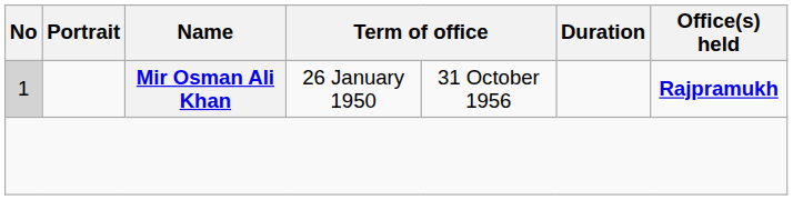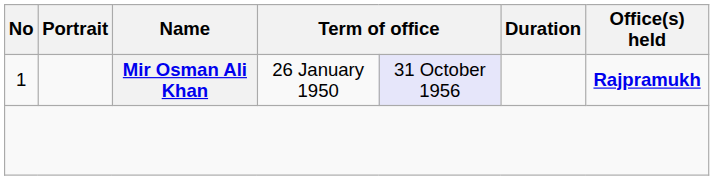 <table class="wikitable">
 <tr>
 <th>No</th>
 <th>Portrait</th>
 <th>Name</th>
 <th colspan=2>Term of office</th>
 <th scope=col>Duration</th>
 <th>Office(s) held</th>
 </tr>
 <tr align=center>
-<td style="background: lightgrey;">1</td>
+<td>1</td>
 <td></td>
 <th><a href='#'>Mir Osman Ali Khan</a></th>
 <td>26 January 1950</td>
-<td>31 October 1956</td>
+<td style="background: lavender;">31 October 1956</td>
 <td></td>
 <td><strong><a href='#'>Rajpramukh</a></strong></td>
 </tr>
 <tr align=center style="height: 60px;">
 </tr>
 </table>
